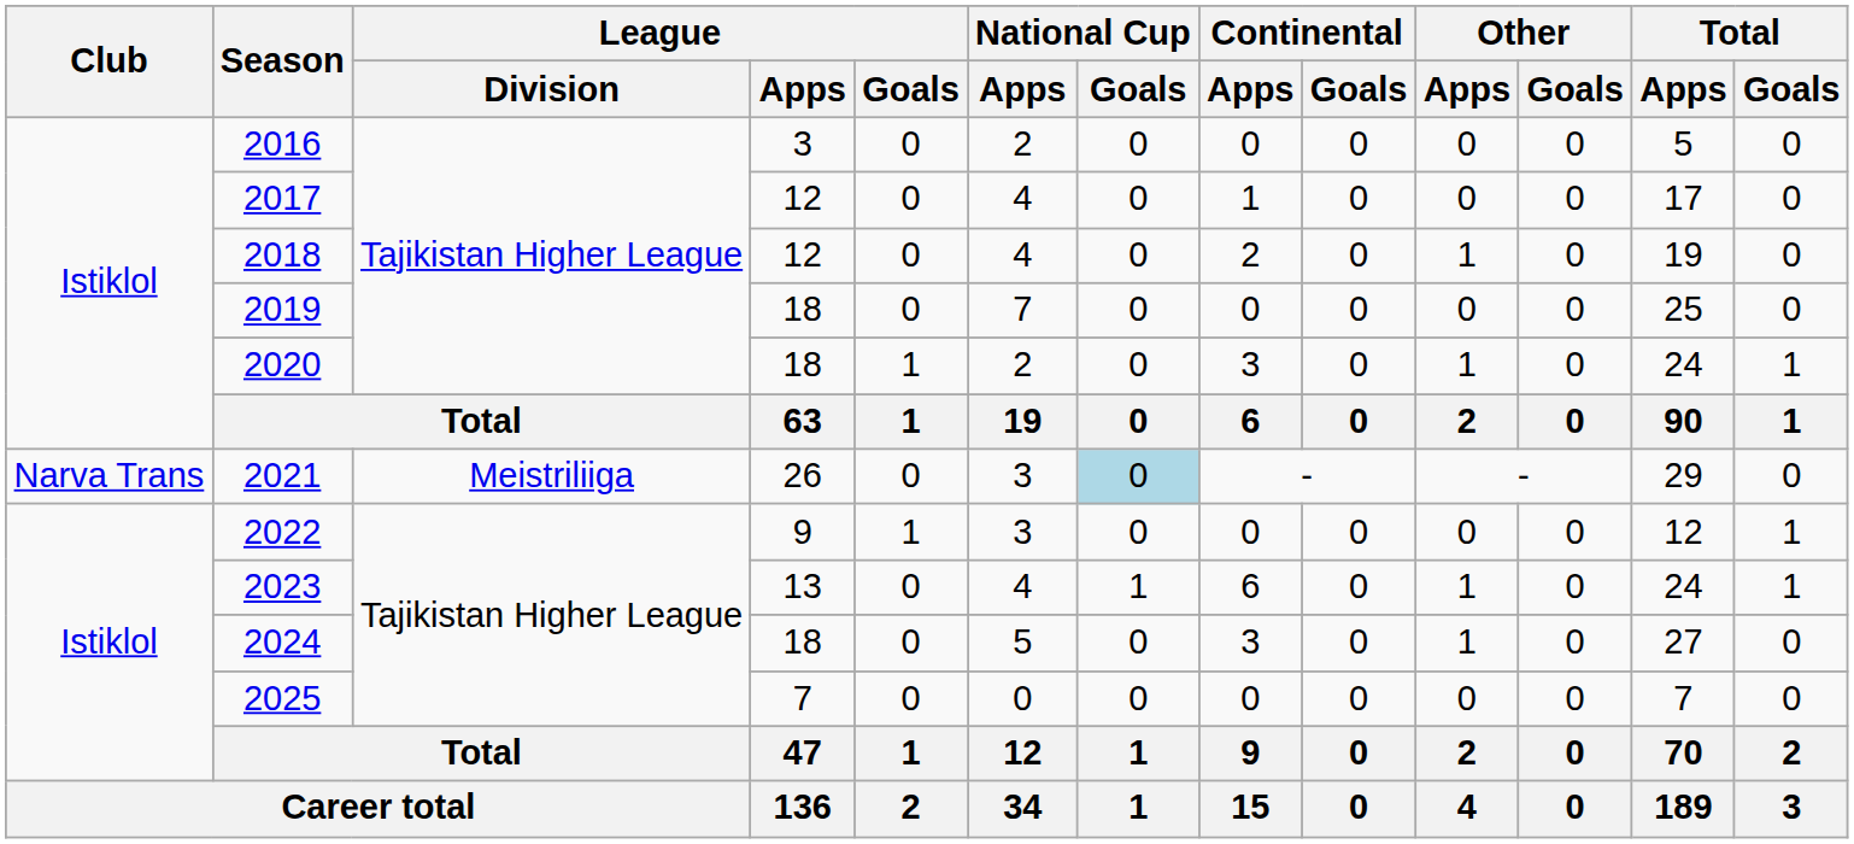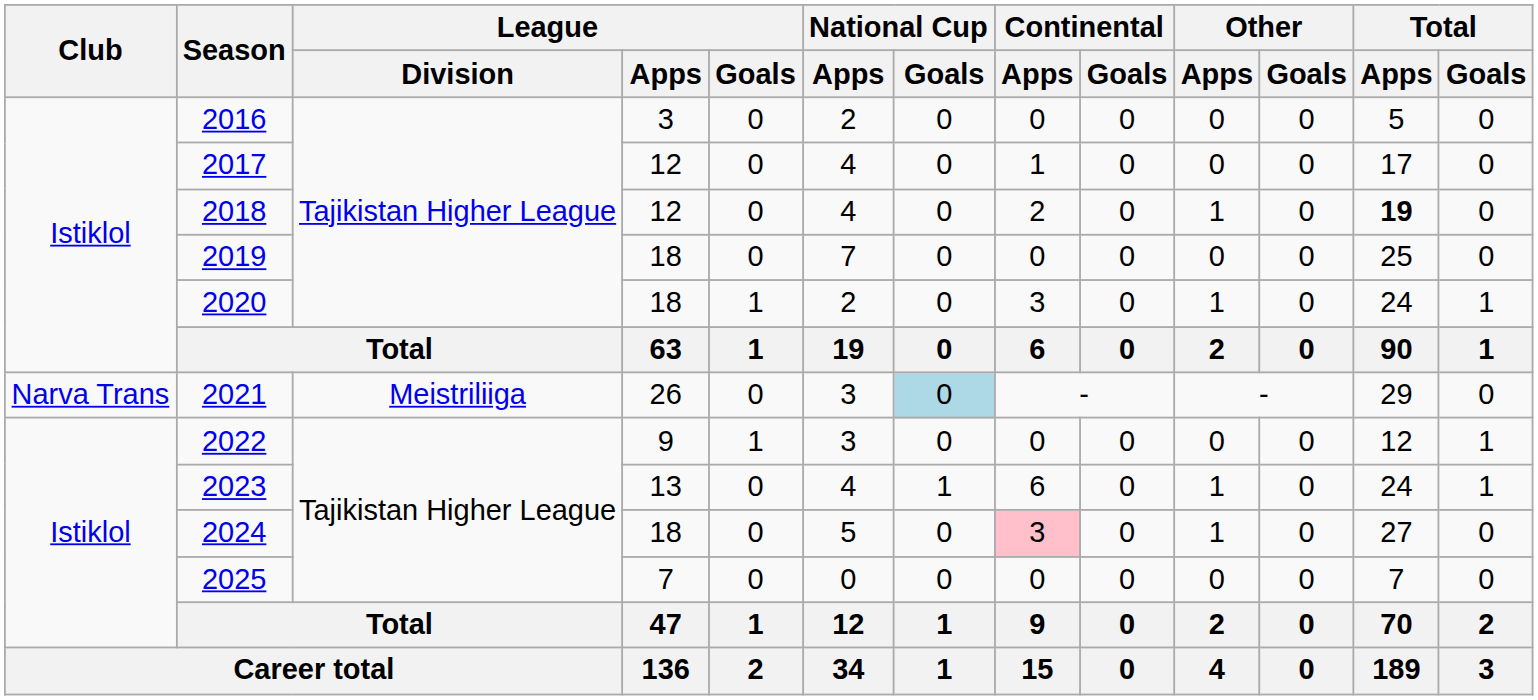 <table class="wikitable" style="text-align: center;">
 <tr>
 <th rowspan="2">Club</th>
 <th rowspan="2">Season</th>
 <th colspan="3">League</th>
 <th colspan="2">National Cup</th>
 <th colspan="2">Continental</th>
 <th colspan="2">Other</th>
 <th colspan="2">Total</th>
 </tr>
 <tr>
 <th>Division</th>
 <th>Apps</th>
 <th>Goals</th>
 <th>Apps</th>
 <th>Goals</th>
 <th>Apps</th>
 <th>Goals</th>
 <th>Apps</th>
 <th>Goals</th>
 <th>Apps</th>
 <th>Goals</th>
 </tr>
 <tr>
 <td rowspan="6" valign="center"><a href='#'>Istiklol</a></td>
 <td><a href='#'>2016</a></td>
 <td rowspan="5" valign="center"><a href='#'>Tajikistan Higher League</a></td>
 <td>3</td>
 <td>0</td>
 <td>2</td>
 <td>0</td>
 <td>0</td>
 <td>0</td>
 <td>0</td>
 <td>0</td>
 <td>5</td>
 <td>0</td>
 </tr>
 <tr>
 <td><a href='#'>2017</a></td>
 <td>12</td>
 <td>0</td>
 <td>4</td>
 <td>0</td>
 <td>1</td>
 <td>0</td>
 <td>0</td>
 <td>0</td>
 <td>17</td>
 <td>0</td>
 </tr>
 <tr>
 <td><a href='#'>2018</a></td>
 <td>12</td>
 <td>0</td>
 <td>4</td>
 <td>0</td>
 <td>2</td>
 <td>0</td>
 <td>1</td>
 <td>0</td>
-<td>19</td>
+<td><strong>19</strong></td>
 <td>0</td>
 </tr>
 <tr>
 <td><a href='#'>2019</a></td>
 <td>18</td>
 <td>0</td>
 <td>7</td>
 <td>0</td>
 <td>0</td>
 <td>0</td>
 <td>0</td>
 <td>0</td>
 <td>25</td>
 <td>0</td>
 </tr>
 <tr>
 <td><a href='#'>2020</a></td>
 <td>18</td>
 <td>1</td>
 <td>2</td>
 <td>0</td>
 <td>3</td>
 <td>0</td>
 <td>1</td>
 <td>0</td>
 <td>24</td>
 <td>1</td>
 </tr>
 <tr>
 <th colspan="2">Total</th>
 <th>63</th>
 <th>1</th>
 <th>19</th>
 <th>0</th>
 <th>6</th>
 <th>0</th>
 <th>2</th>
 <th>0</th>
 <th>90</th>
 <th>1</th>
 </tr>
 <tr>
 <td><a href='#'>Narva Trans</a></td>
 <td><a href='#'>2021</a></td>
 <td><a href='#'>Meistriliiga</a></td>
 <td>26</td>
 <td>0</td>
 <td>3</td>
 <td style="background: lightblue;">0</td>
 <td colspan="2">-</td>
 <td colspan="2">-</td>
 <td>29</td>
 <td>0</td>
 </tr>
 <tr>
 <td rowspan="5" valign="center"><a href='#'>Istiklol</a></td>
 <td><a href='#'>2022</a></td>
 <td rowspan="4" valign="center">Tajikistan Higher League</td>
 <td>9</td>
 <td>1</td>
 <td>3</td>
 <td>0</td>
 <td>0</td>
 <td>0</td>
 <td>0</td>
 <td>0</td>
 <td>12</td>
 <td>1</td>
 </tr>
 <tr>
 <td><a href='#'>2023</a></td>
 <td>13</td>
 <td>0</td>
 <td>4</td>
 <td>1</td>
 <td>6</td>
 <td>0</td>
 <td>1</td>
 <td>0</td>
 <td>24</td>
 <td>1</td>
 </tr>
 <tr>
 <td><a href='#'>2024</a></td>
 <td>18</td>
 <td>0</td>
 <td>5</td>
 <td>0</td>
-<td>3</td>
+<td style="background: pink;">3</td>
 <td>0</td>
 <td>1</td>
 <td>0</td>
 <td>27</td>
 <td>0</td>
 </tr>
 <tr>
 <td><a href='#'>2025</a></td>
 <td>7</td>
 <td>0</td>
 <td>0</td>
 <td>0</td>
 <td>0</td>
 <td>0</td>
 <td>0</td>
 <td>0</td>
 <td>7</td>
 <td>0</td>
 </tr>
 <tr>
 <th colspan="2">Total</th>
 <th>47</th>
 <th>1</th>
 <th>12</th>
 <th>1</th>
 <th>9</th>
 <th>0</th>
 <th>2</th>
 <th>0</th>
 <th>70</th>
 <th>2</th>
 </tr>
 <tr>
 <th colspan="3">Career total</th>
 <th>136</th>
 <th>2</th>
 <th>34</th>
 <th>1</th>
 <th>15</th>
 <th>0</th>
 <th>4</th>
 <th>0</th>
 <th>189</th>
 <th>3</th>
 </tr>
 </table>
